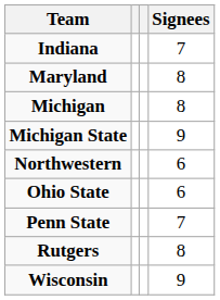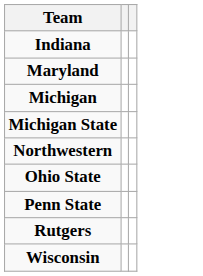 <table class="wikitable">
 <tr>
 <th>Team</th>
 <th></th>
 <th></th>
-<th>Signees</th>
 </tr>
 <tr style="text-align:center;">
 <td><strong>Indiana</strong></td>
 <td style="text-align:center; background:white"></td>
 <td style="text-align:center; background:white"></td>
-<td style="text-align:center; background:white">7</td>
 </tr>
 <tr style="text-align:center;">
 <td><strong>Maryland</strong></td>
 <td style="text-align:center; background:white"></td>
 <td style="text-align:center; background:white"></td>
-<td style="text-align:center; background:white">8</td>
 </tr>
 <tr style="text-align:center;">
 <td><strong>Michigan</strong></td>
 <td style="text-align:center; background:white"></td>
 <td style="text-align:center; background:white"></td>
-<td style="text-align:center; background:white">8</td>
 </tr>
 <tr style="text-align:center;">
 <td><strong>Michigan State</strong></td>
 <td style="text-align:center; background:white"></td>
 <td style="text-align:center; background:white"></td>
-<td style="text-align:center; background:white">9</td>
 </tr>
 <tr style="text-align:center;">
 <td><strong>Northwestern</strong></td>
 <td style="text-align:center; background:white"></td>
 <td style="text-align:center; background:white"></td>
-<td style="text-align:center; background:white">6</td>
 </tr>
 <tr style="text-align:center;">
 <td><strong>Ohio State</strong></td>
 <td style="text-align:center; background:white"></td>
 <td style="text-align:center; background:white"></td>
-<td style="text-align:center; background:white">6</td>
 </tr>
 <tr style="text-align:center;">
 <td><strong>Penn State</strong></td>
 <td style="text-align:center; background:white"></td>
 <td style="text-align:center; background:white"></td>
-<td style="text-align:center; background:white">7</td>
 </tr>
 <tr style="text-align:center;">
 <td><strong>Rutgers</strong></td>
 <td style="text-align:center; background:white"></td>
 <td style="text-align:center; background:white"></td>
-<td style="text-align:center; background:white">8</td>
 </tr>
 <tr style="text-align:center;">
 <td><strong>Wisconsin</strong></td>
 <td style="text-align:center; background:white"></td>
 <td style="text-align:center; background:white"></td>
-<td style="text-align:center; background:white">9</td>
 </tr>
 </table>
